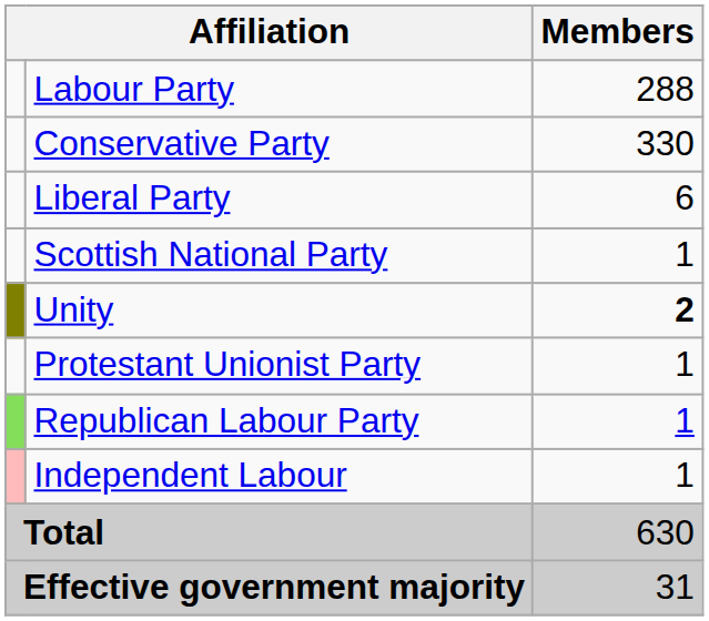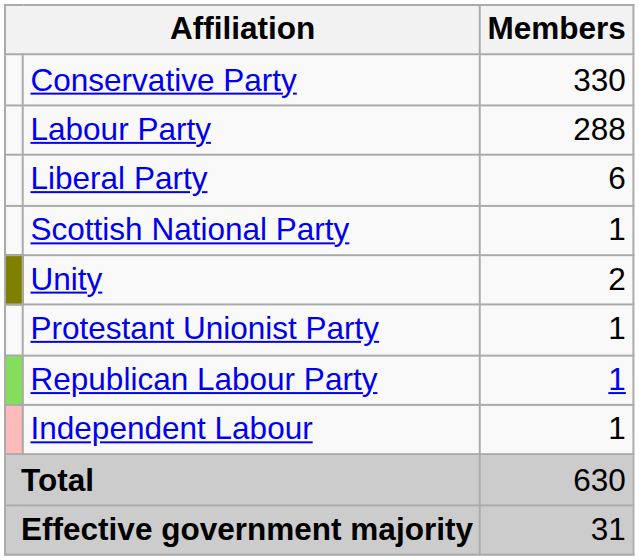 <table class="wikitable">
 <tr>
 <th colspan="2">Affiliation</th>
 <th>Members</th>
 </tr>
 <tr>
 <td style="color:inherit;background:"></td>
-<td><a href='#'>Labour Party</a></td>
-<td align="right">288</td>
+<td><a href='#'>Conservative Party</a></td>
+<td align="right">330</td>
 </tr>
 <tr>
 <td style="color:inherit;background:"></td>
-<td><a href='#'>Conservative Party</a></td>
-<td align="right">330</td>
+<td><a href='#'>Labour Party</a></td>
+<td align="right">288</td>
 </tr>
 <tr>
 <td style="color:inherit;background:"></td>
 <td><a href='#'>Liberal Party</a></td>
 <td align="right">6</td>
 </tr>
 <tr>
 <td style="color:inherit;background:"></td>
 <td><a href='#'>Scottish National Party</a></td>
 <td align="right">1</td>
 </tr>
 <tr>
 <td bgcolor="808000"></td>
 <td><a href='#'>Unity</a></td>
-<td align="right"><strong>2</strong></td>
+<td align="right">2</td>
 </tr>
 <tr>
 <td style="color:inherit;background:"></td>
 <td><a href='#'>Protestant Unionist Party</a></td>
 <td align="right">1</td>
 </tr>
 <tr>
 <td bgcolor="85DE59"></td>
 <td><a href='#'>Republican Labour Party</a></td>
 <td align="right"><a href='#'>1</a></td>
 </tr>
 <tr>
 <td bgcolor="FFBBBB"></td>
 <td><a href='#'>Independent Labour</a></td>
 <td align="right">1</td>
 </tr>
 <tr bgcolor="CCCCCC">
 <td colspan="2" rowspan="1"> <strong>Total</strong></td>
 <td align="right">630</td>
 </tr>
 <tr bgcolor="CCCCCC">
 <td colspan="2" rowspan="1"> <strong>Effective government majority</strong></td>
 <td align="right">31</td>
 </tr>
 </table>
